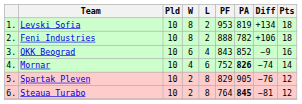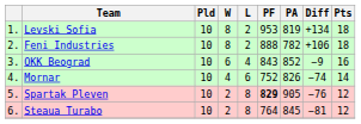 <table class="wikitable" style="text-align:center">
 <tr>
 <th width=15></th>
 <th width=220>Team</th>
 <th width=20>Pld</th>
 <th width=20>W</th>
 <th width=20>L</th>
 <th width=20>PF</th>
 <th width=20>PA</th>
 <th width=30>Diff</th>
 <th width=20>Pts</th>
 </tr>
 <tr bgcolor=#ccffcc>
 <td>1.</td>
 <td align=left> <a href='#'>Levski Sofia</a></td>
 <td>10</td>
 <td>8</td>
 <td>2</td>
 <td>953</td>
 <td>819</td>
 <td>+134</td>
 <td>18</td>
 </tr>
 <tr bgcolor=#ccffcc>
 <td>2.</td>
 <td align=left> <a href='#'>Feni Industries</a></td>
 <td>10</td>
 <td>8</td>
 <td>2</td>
 <td>888</td>
 <td>782</td>
 <td>+106</td>
 <td>18</td>
 </tr>
 <tr bgcolor=#ccffcc>
 <td>3.</td>
 <td align=left> <a href='#'>OKK Beograd</a></td>
 <td>10</td>
 <td>6</td>
 <td>4</td>
 <td>843</td>
 <td>852</td>
 <td>−9</td>
 <td>16</td>
 </tr>
 <tr bgcolor=#ccffcc>
 <td>4.</td>
 <td align=left> <a href='#'>Mornar</a></td>
 <td>10</td>
 <td>4</td>
 <td>6</td>
 <td>752</td>
-<td><strong>826</strong></td>
+<td>826</td>
 <td>−74</td>
 <td>14</td>
 </tr>
 <tr bgcolor=#ffcccc>
 <td>5.</td>
 <td align=left> <a href='#'>Spartak Pleven</a></td>
 <td>10</td>
 <td>2</td>
 <td>8</td>
-<td>829</td>
+<td><strong>829</strong></td>
 <td>905</td>
 <td>−76</td>
 <td>12</td>
 </tr>
 <tr bgcolor=#ffcccc>
 <td>6.</td>
 <td align=left> <a href='#'>Steaua Turabo</a></td>
 <td>10</td>
 <td>2</td>
 <td>8</td>
 <td>764</td>
-<td><strong>845</strong></td>
+<td>845</td>
 <td>−81</td>
 <td>12</td>
 </tr>
 <tr>
 </tr>
 </table>
